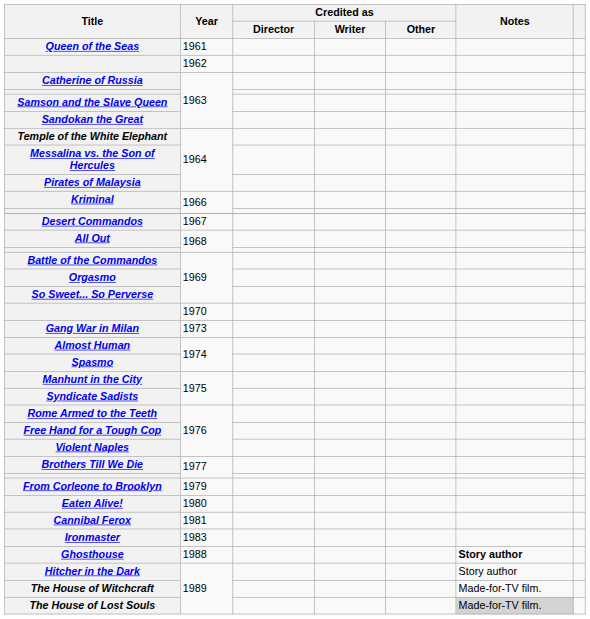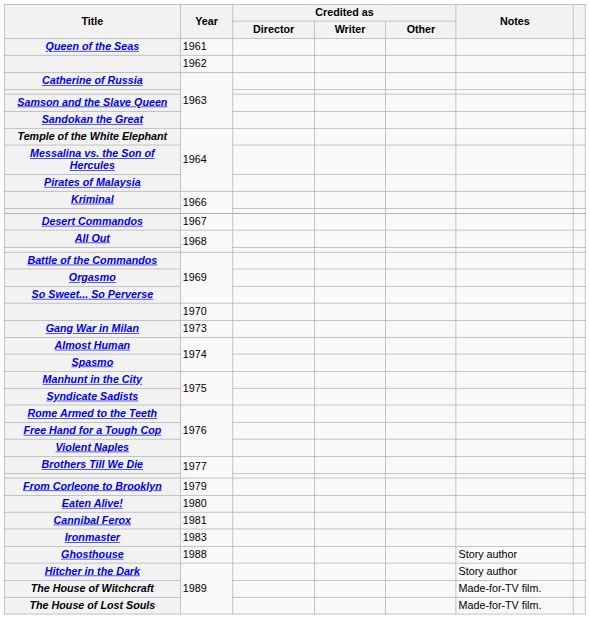 <table class="wikitable sortable plainrowheaders">
 <tr>
 <th width="15%" rowspan="2" scope="col">Title</th>
 <th width="4%" rowspan="2" scope="col">Year</th>
 <th colspan="3" scope="col">Credited as</th>
 <th width="10%" rowspan="2" scope="col" class="unsortable">Notes</th>
 <th width="1%" rowspan="2" scope="col" class="unsortable"></th>
 </tr>
 <tr>
 <th width=6%>Director</th>
 <th width=6%>Writer</th>
 <th width=6%>Other</th>
 </tr>
 <tr>
 <th scope="row"><em><a href='#'>Queen of the Seas</a></em></th>
 <td>1961</td>
 <td></td>
 <td></td>
 <td></td>
 <td></td>
 <td style="text-align:center;"></td>
 </tr>
 <tr>
 <th scope="row"></th>
 <td>1962</td>
 <td></td>
 <td></td>
 <td></td>
 <td></td>
 <td></td>
 </tr>
 <tr>
 <th scope="row"><em><a href='#'>Catherine of Russia</a></em></th>
 <td rowspan="4">1963</td>
 <td></td>
 <td></td>
 <td></td>
 <td></td>
 <td></td>
 </tr>
 <tr>
 <th scope="row"></th>
 <td></td>
 <td></td>
 <td></td>
 <td></td>
 <td></td>
 </tr>
 <tr>
 <th scope="row"><em><a href='#'>Samson and the Slave Queen</a></em></th>
 <td></td>
 <td></td>
 <td></td>
 <td></td>
 <td></td>
 </tr>
 <tr>
 <th scope="row"><em><a href='#'>Sandokan the Great</a></em></th>
 <td></td>
 <td></td>
 <td></td>
 <td></td>
 <td></td>
 </tr>
 <tr>
 <th scope="row"><em>Temple of the White Elephant</em></th>
 <td rowspan="3">1964</td>
 <td></td>
 <td></td>
 <td></td>
 <td></td>
 <td></td>
 </tr>
 <tr>
 <th scope="row"><em><a href='#'>Messalina vs. the Son of Hercules</a></em></th>
 <td></td>
 <td></td>
 <td></td>
 <td></td>
 <td></td>
 </tr>
 <tr>
 <th scope="row"><em><a href='#'>Pirates of Malaysia</a></em></th>
 <td></td>
 <td></td>
 <td></td>
 <td></td>
 <td></td>
 </tr>
 <tr>
 <th scope="row"><em><a href='#'>Kriminal</a></em></th>
 <td rowspan="2">1966</td>
 <td></td>
 <td></td>
 <td></td>
 <td></td>
 <td></td>
 </tr>
 <tr>
 <th scope="row"></th>
 <td></td>
 <td></td>
 <td></td>
 <td></td>
 <td></td>
 </tr>
 <tr>
 </tr>
 <tr>
 <th scope="row"><em><a href='#'>Desert Commandos</a></em></th>
 <td>1967</td>
 <td></td>
 <td></td>
 <td></td>
 <td></td>
 <td></td>
 </tr>
 <tr>
 <th scope="row"><em><a href='#'>All Out</a></em></th>
 <td rowspan="2">1968</td>
 <td></td>
 <td></td>
 <td></td>
 <td></td>
 <td></td>
 </tr>
 <tr>
 <th scope="row"></th>
 <td></td>
 <td></td>
 <td></td>
 <td></td>
 <td></td>
 </tr>
 <tr>
 <th scope="row"><em><a href='#'>Battle of the Commandos</a></em></th>
 <td rowspan="3">1969</td>
 <td></td>
 <td></td>
 <td></td>
 <td></td>
 <td></td>
 </tr>
 <tr>
 <th scope="row"><em><a href='#'>Orgasmo</a></em></th>
 <td></td>
 <td></td>
 <td></td>
 <td></td>
 <td></td>
 </tr>
 <tr>
 <th scope="row"><em><a href='#'>So Sweet... So Perverse</a></em></th>
 <td></td>
 <td></td>
 <td></td>
 <td></td>
 <td></td>
 </tr>
 <tr>
 <th scope="row"></th>
 <td>1970</td>
 <td></td>
 <td></td>
 <td></td>
 <td></td>
 <td></td>
 </tr>
 <tr>
 <th scope="row"><em><a href='#'>Gang War in Milan</a></em></th>
 <td>1973</td>
 <td></td>
 <td></td>
 <td></td>
 <td></td>
 <td></td>
 </tr>
 <tr>
 <th scope="row"><em><a href='#'>Almost Human</a></em></th>
 <td rowspan="2">1974</td>
 <td></td>
 <td></td>
 <td></td>
 <td></td>
 <td></td>
 </tr>
 <tr>
 <th scope="row"><em><a href='#'>Spasmo</a></em></th>
 <td></td>
 <td></td>
 <td></td>
 <td></td>
 <td></td>
 </tr>
 <tr>
 <th scope="row"><em><a href='#'>Manhunt in the City</a></em></th>
 <td rowspan="2">1975</td>
 <td></td>
 <td></td>
 <td></td>
 <td></td>
 <td></td>
 </tr>
 <tr>
 <th scope="row"><em><a href='#'>Syndicate Sadists</a></em></th>
 <td></td>
 <td></td>
 <td></td>
 <td></td>
 <td></td>
 </tr>
 <tr>
 <th scope="row"><em><a href='#'>Rome Armed to the Teeth</a></em></th>
 <td rowspan="3">1976</td>
 <td></td>
 <td></td>
 <td></td>
 <td></td>
 <td></td>
 </tr>
 <tr>
 <th scope="row"><em><a href='#'>Free Hand for a Tough Cop</a></em></th>
 <td></td>
 <td></td>
 <td></td>
 <td></td>
 <td></td>
 </tr>
 <tr>
 <th scope="row"><em><a href='#'>Violent Naples</a></em></th>
 <td></td>
 <td></td>
 <td></td>
 <td></td>
 <td></td>
 </tr>
 <tr>
 <th scope="row"><em><a href='#'>Brothers Till We Die</a></em></th>
 <td rowspan="2">1977</td>
 <td></td>
 <td></td>
 <td></td>
 <td></td>
 <td></td>
 </tr>
 <tr>
 <th scope="row"></th>
 <td></td>
 <td></td>
 <td></td>
 <td></td>
 <td></td>
 </tr>
 <tr>
 <th scope="row"><em><a href='#'>From Corleone to Brooklyn</a></em></th>
 <td>1979</td>
 <td></td>
 <td></td>
 <td></td>
 <td></td>
 <td></td>
 </tr>
 <tr>
 <th scope="row"><em><a href='#'>Eaten Alive!</a></em></th>
 <td>1980</td>
 <td></td>
 <td></td>
 <td></td>
 <td></td>
 <td></td>
 </tr>
 <tr>
 <th scope="row"><em><a href='#'>Cannibal Ferox</a></em></th>
 <td>1981</td>
 <td></td>
 <td></td>
 <td></td>
 <td></td>
 <td></td>
 </tr>
 <tr>
 <th scope="row"><em><a href='#'>Ironmaster</a></em></th>
 <td>1983</td>
 <td></td>
 <td></td>
 <td></td>
 <td></td>
 <td></td>
 </tr>
 <tr>
 <th scope="row"><em><a href='#'>Ghosthouse</a></em></th>
 <td>1988</td>
 <td></td>
 <td></td>
 <td></td>
-<td><strong>Story author</strong></td>
+<td>Story author</td>
 <td></td>
 </tr>
 <tr>
 <th scope="row"><em><a href='#'>Hitcher in the Dark</a></em></th>
 <td rowspan="3">1989</td>
 <td></td>
 <td></td>
 <td></td>
 <td>Story author</td>
 <td></td>
 </tr>
 <tr>
 <th scope="row"><em>The House of Witchcraft</em></th>
 <td></td>
 <td></td>
 <td></td>
 <td>Made-for-TV film.</td>
 <td></td>
 </tr>
 <tr>
 <th scope="row"><em>The House of Lost Souls</em></th>
 <td></td>
 <td></td>
 <td></td>
-<td style="background: lightgrey;">Made-for-TV film.</td>
+<td>Made-for-TV film.</td>
 <td></td>
 </tr>
 </table>
